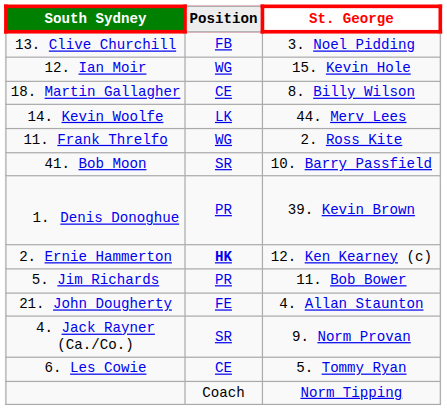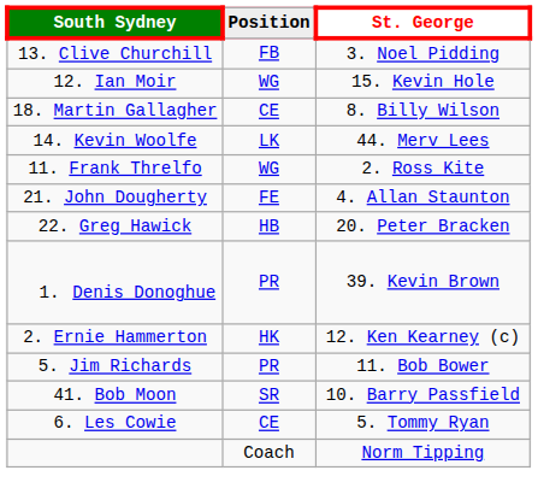 <table class="wikitable" style="float:right; font-size:90%; margin-left:1em;">
 <tr style="background:#f03;">
 <th style="width:140px; border:3px solid red; background: green; color: white">South Sydney</th>
 <th style="width:40px; text-align:center; background:#eee; color:black;">Position</th>
 <th style="width:140px; border:3px solid red; background: white; color: red">St. George</th>
 </tr>
 <tr align=center>
 <td>13. <a href='#'>Clive Churchill</a></td>
 <td><a href='#'>FB</a></td>
 <td>3. <a href='#'>Noel Pidding</a></td>
 </tr>
 <tr align=center>
 <td>12. <a href='#'>Ian Moir</a></td>
 <td><a href='#'>WG</a></td>
 <td>15. <a href='#'>Kevin Hole</a></td>
 </tr>
 <tr align=center>
 <td>18. <a href='#'>Martin Gallagher</a></td>
 <td><a href='#'>CE</a></td>
 <td>8. <a href='#'>Billy Wilson</a></td>
 </tr>
 <tr align=center>
 <td>14. <a href='#'>Kevin Woolfe</a></td>
 <td><a href='#'>LK</a></td>
 <td>44. <a href='#'>Merv Lees</a></td>
 </tr>
 <tr align=center>
 <td>11. <a href='#'>Frank Threlfo</a></td>
 <td><a href='#'>WG</a></td>
 <td>2. <a href='#'>Ross Kite</a></td>
 </tr>
 <tr align=center>
-<td>41. <a href='#'>Bob Moon</a></td>
-<td><a href='#'>SR</a></td>
-<td>10. <a href='#'>Barry Passfield</a></td>
+<td>21. <a href='#'>John Dougherty</a></td>
+<td><a href='#'>FE</a></td>
+<td>4. <a href='#'>Allan Staunton</a></td>
+</tr>
+<tr align=center>
+<td>22. <a href='#'>Greg Hawick</a></td>
+<td><a href='#'>HB</a></td>
+<td>20. <a href='#'>Peter Bracken</a></td>
 </tr>
 <tr align=center>
 <td><br><ol><li><a href='#'>Denis Donoghue</a></li></ol></td>
 <td><a href='#'>PR</a></td>
 <td>39. <a href='#'>Kevin Brown</a></td>
 </tr>
 <tr align=center>
 <td>2. <a href='#'>Ernie Hammerton</a></td>
-<td><strong><a href='#'>HK</a></strong></td>
+<td><a href='#'>HK</a></td>
 <td>12. <a href='#'>Ken Kearney</a> (c)</td>
 </tr>
 <tr align=center>
 <td>5. <a href='#'>Jim Richards</a></td>
 <td><a href='#'>PR</a></td>
 <td>11. <a href='#'>Bob Bower</a></td>
 </tr>
 <tr align=center>
-<td>21. <a href='#'>John Dougherty</a></td>
-<td><a href='#'>FE</a></td>
-<td>4. <a href='#'>Allan Staunton</a></td>
-</tr>
-<tr align=center>
-<td>4. <a href='#'>Jack Rayner</a> (Ca./Co.)</td>
+<td>41. <a href='#'>Bob Moon</a></td>
 <td><a href='#'>SR</a></td>
-<td>9. <a href='#'>Norm Provan</a></td>
+<td>10. <a href='#'>Barry Passfield</a></td>
 </tr>
 <tr align=center>
 <td>6. <a href='#'>Les Cowie</a></td>
 <td><a href='#'>CE</a></td>
 <td>5. <a href='#'>Tommy Ryan</a></td>
 </tr>
 <tr align=center>
 <td></td>
 <td>Coach</td>
 <td><a href='#'>Norm Tipping</a></td>
 </tr>
 </table>
